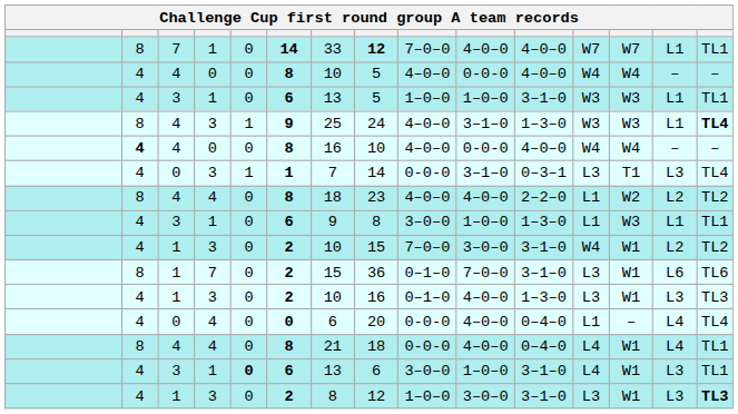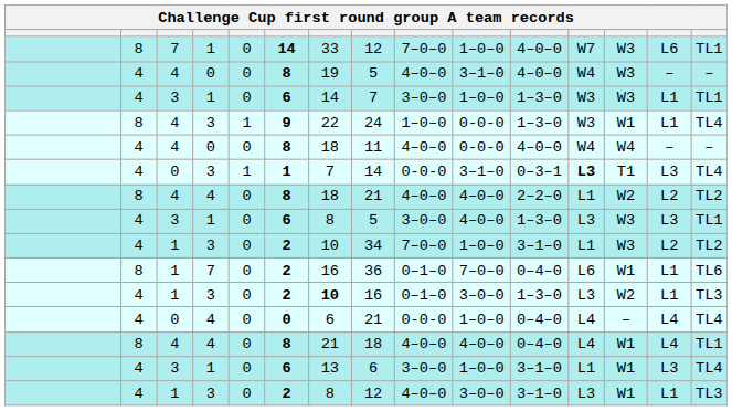 <table class="wikitable collapsible collapsed" style="width: 100%">
 <tr>
 <th colspan=15>Challenge Cup first round group A team records</th>
 </tr>
 <tr>
 <th width="16%"></th>
 <th width="5%"></th>
 <th width="5%"></th>
 <th width="5%"></th>
 <th width="5%"></th>
 <th width="6%"></th>
 <th width="6%"></th>
 <th width="6%"></th>
 <th width="8%"></th>
 <th width="8%"></th>
 <th width="8%"></th>
 <th width="5%"></th>
 <th width="6%"></th>
 <th width="6%"></th>
 <th width="5%"></th>
 </tr>
 <tr align=center bgcolor="#afeeee">
 <td align=left></td>
 <td>8</td>
 <td>7</td>
 <td>1</td>
 <td>0</td>
 <td><strong>14</strong></td>
 <td>33</td>
-<td><strong>12</strong></td>
+<td>12</td>
 <td>7–0–0</td>
-<td>4–0–0</td>
+<td>1–0–0</td>
 <td>4–0–0</td>
 <td>W7</td>
-<td>W7</td>
-<td>L1</td>
+<td>W3</td>
+<td>L6</td>
 <td>TL1</td>
 </tr>
 <tr align=center bgcolor="#afeeee">
 <td align=left></td>
 <td>4</td>
 <td>4</td>
 <td>0</td>
 <td>0</td>
 <td><strong>8</strong></td>
-<td>10</td>
+<td>19</td>
 <td>5</td>
 <td>4–0–0</td>
-<td>0-0-0</td>
+<td>3–1–0</td>
 <td>4–0–0</td>
 <td>W4</td>
-<td>W4</td>
+<td>W3</td>
 <td>–</td>
 <td>–</td>
 </tr>
 <tr align=center bgcolor="#afeeee">
 <td align=left></td>
 <td>4</td>
 <td>3</td>
 <td>1</td>
 <td>0</td>
 <td><strong>6</strong></td>
-<td>13</td>
-<td>5</td>
+<td>14</td>
+<td>7</td>
+<td>3–0–0</td>
 <td>1–0–0</td>
-<td>1–0–0</td>
-<td>3–1–0</td>
+<td>1–3–0</td>
 <td>W3</td>
 <td>W3</td>
 <td>L1</td>
 <td>TL1</td>
 </tr>
 <tr align=center bgcolor="#e0ffff">
 <td align=left></td>
 <td>8</td>
 <td>4</td>
 <td>3</td>
 <td>1</td>
 <td><strong>9</strong></td>
-<td>25</td>
+<td>22</td>
 <td>24</td>
-<td>4–0–0</td>
-<td>3–1–0</td>
+<td>1–0–0</td>
+<td>0-0-0</td>
 <td>1–3–0</td>
 <td>W3</td>
-<td>W3</td>
+<td>W1</td>
 <td>L1</td>
-<td><strong>TL4</strong></td>
+<td>TL4</td>
 </tr>
 <tr align=center bgcolor="#e0ffff">
 <td align=left></td>
-<td><strong>4</strong></td>
+<td>4</td>
 <td>4</td>
 <td>0</td>
 <td>0</td>
 <td><strong>8</strong></td>
-<td>16</td>
-<td>10</td>
+<td>18</td>
+<td>11</td>
 <td>4–0–0</td>
 <td>0-0-0</td>
 <td>4–0–0</td>
 <td>W4</td>
 <td>W4</td>
 <td>–</td>
 <td>–</td>
 </tr>
 <tr align=center bgcolor="#e0ffff">
 <td align=left></td>
 <td>4</td>
 <td>0</td>
 <td>3</td>
 <td>1</td>
 <td><strong>1</strong></td>
 <td>7</td>
 <td>14</td>
 <td>0-0-0</td>
 <td>3–1–0</td>
 <td>0–3–1</td>
-<td>L3</td>
+<td><strong>L3</strong></td>
 <td>T1</td>
 <td>L3</td>
 <td>TL4</td>
 </tr>
 <tr align=center bgcolor="#afeeee">
 <td align=left></td>
 <td>8</td>
 <td>4</td>
 <td>4</td>
 <td>0</td>
 <td><strong>8</strong></td>
 <td>18</td>
-<td>23</td>
+<td>21</td>
 <td>4–0–0</td>
 <td>4–0–0</td>
 <td>2–2–0</td>
 <td>L1</td>
 <td>W2</td>
 <td>L2</td>
 <td>TL2</td>
 </tr>
 <tr align=center bgcolor="#afeeee">
 <td align=left></td>
 <td>4</td>
 <td>3</td>
 <td>1</td>
 <td>0</td>
 <td><strong>6</strong></td>
-<td>9</td>
 <td>8</td>
+<td>5</td>
 <td>3–0–0</td>
-<td>1–0–0</td>
+<td>4–0–0</td>
 <td>1–3–0</td>
-<td>L1</td>
+<td>L3</td>
 <td>W3</td>
-<td>L1</td>
+<td>L3</td>
 <td>TL1</td>
 </tr>
 <tr align=center bgcolor="#afeeee">
 <td align=left></td>
 <td>4</td>
 <td>1</td>
 <td>3</td>
 <td>0</td>
 <td><strong>2</strong></td>
 <td>10</td>
-<td>15</td>
+<td>34</td>
 <td>7–0–0</td>
-<td>3–0–0</td>
+<td>1–0–0</td>
 <td>3–1–0</td>
-<td>W4</td>
-<td>W1</td>
+<td>L1</td>
+<td>W3</td>
 <td>L2</td>
 <td>TL2</td>
 </tr>
 <tr align=center bgcolor="#e0ffff">
 <td align=left></td>
 <td>8</td>
 <td>1</td>
 <td>7</td>
 <td>0</td>
 <td><strong>2</strong></td>
-<td>15</td>
+<td>16</td>
 <td>36</td>
 <td>0–1–0</td>
 <td>7–0–0</td>
-<td>3–1–0</td>
-<td>L3</td>
+<td>0–4–0</td>
+<td>L6</td>
 <td>W1</td>
-<td>L6</td>
+<td>L1</td>
 <td>TL6</td>
 </tr>
 <tr align=center bgcolor="#e0ffff">
 <td align=left></td>
 <td>4</td>
 <td>1</td>
 <td>3</td>
 <td>0</td>
 <td><strong>2</strong></td>
-<td>10</td>
+<td><strong>10</strong></td>
 <td>16</td>
 <td>0–1–0</td>
-<td>4–0–0</td>
+<td>3–0–0</td>
 <td>1–3–0</td>
 <td>L3</td>
-<td>W1</td>
-<td>L3</td>
+<td>W2</td>
+<td>L1</td>
 <td>TL3</td>
 </tr>
 <tr align=center bgcolor="#e0ffff">
 <td align=left></td>
 <td>4</td>
 <td>0</td>
 <td>4</td>
 <td>0</td>
 <td><strong>0</strong></td>
 <td>6</td>
-<td>20</td>
+<td>21</td>
 <td>0-0-0</td>
-<td>4–0–0</td>
+<td>1–0–0</td>
 <td>0–4–0</td>
-<td>L1</td>
+<td>L4</td>
 <td>–</td>
 <td>L4</td>
 <td>TL4</td>
 </tr>
 <tr align=center bgcolor="#afeeee">
 <td align=left></td>
 <td>8</td>
 <td>4</td>
 <td>4</td>
 <td>0</td>
 <td><strong>8</strong></td>
 <td>21</td>
 <td>18</td>
-<td>0-0-0</td>
+<td>4–0–0</td>
 <td>4–0–0</td>
 <td>0–4–0</td>
 <td>L4</td>
 <td>W1</td>
 <td>L4</td>
 <td>TL1</td>
 </tr>
 <tr align=center bgcolor="#afeeee">
 <td align=left></td>
 <td>4</td>
 <td>3</td>
 <td>1</td>
-<td><strong>0</strong></td>
+<td>0</td>
 <td><strong>6</strong></td>
 <td>13</td>
 <td>6</td>
 <td>3–0–0</td>
 <td>1–0–0</td>
 <td>3–1–0</td>
-<td>L4</td>
+<td>L1</td>
 <td>W1</td>
 <td>L3</td>
-<td>TL1</td>
+<td>TL4</td>
 </tr>
 <tr align=center bgcolor="#afeeee">
 <td align=left></td>
 <td>4</td>
 <td>1</td>
 <td>3</td>
 <td>0</td>
 <td><strong>2</strong></td>
 <td>8</td>
 <td>12</td>
-<td>1–0–0</td>
+<td>4–0–0</td>
 <td>3–0–0</td>
 <td>3–1–0</td>
 <td>L3</td>
 <td>W1</td>
-<td>L3</td>
-<td><strong>TL3</strong></td>
+<td>L1</td>
+<td>TL3</td>
 </tr>
 </table>
